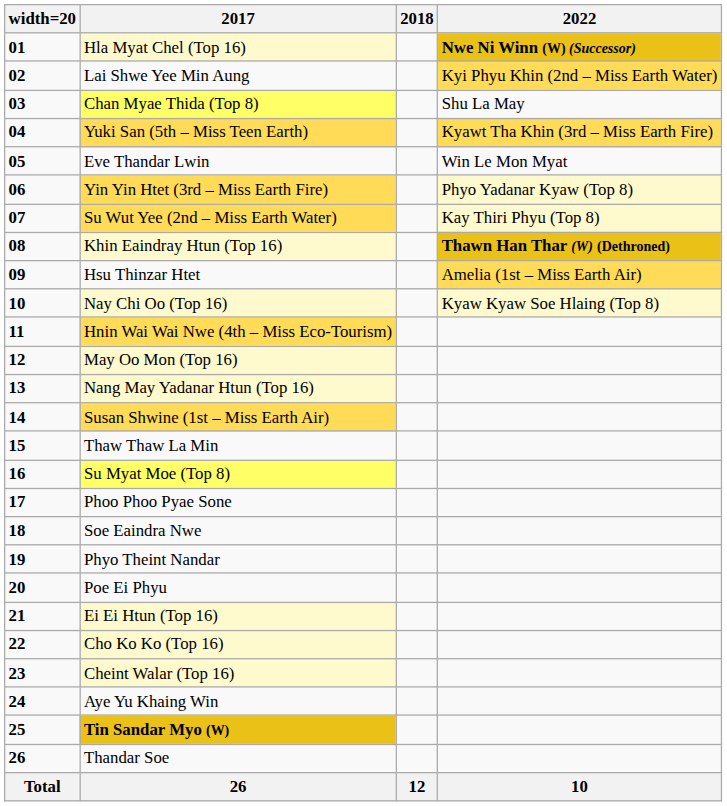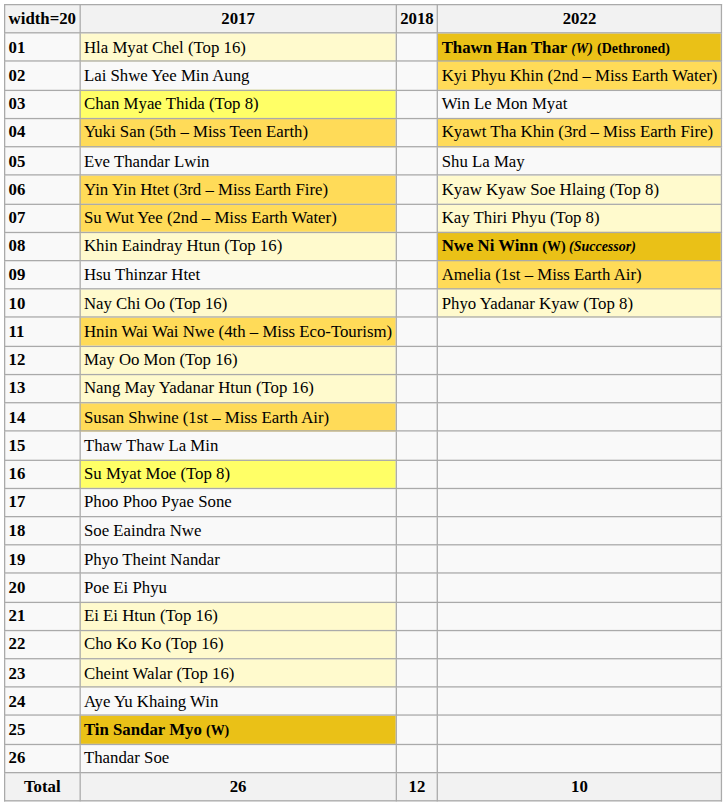 <table class="wikitable" style="font-size: 82%";>
 <tr>
 <th>width=20 </th>
 <th>2017</th>
 <th>2018</th>
 <th>2022</th>
 </tr>
 <tr>
 <td><strong>01</strong></td>
 <td bgcolor="#FFFACD">Hla Myat Chel (Top 16)</td>
 <td></td>
-<td bgcolor="#EAC117"><strong>Nwe Ni Winn <small>(W) <em>(Successor)</em></small></strong></td>
+<td bgcolor="#EAC117"><strong>Thawn Han Thar <small><em>(W)</em></small> <small>(Dethroned)</small></strong></td>
 </tr>
 <tr>
 <td><strong>02</strong></td>
 <td>Lai Shwe Yee Min Aung</td>
 <td></td>
 <td bgcolor=#FFDB58>Kyi Phyu Khin (2nd – Miss Earth Water)</td>
 </tr>
 <tr>
 <td><strong>03</strong></td>
 <td bgcolor=#FFFF66>Chan Myae Thida (Top 8)</td>
 <td></td>
-<td>Shu La May</td>
+<td>Win Le Mon Myat</td>
 </tr>
 <tr>
 <td><strong>04</strong></td>
 <td bgcolor=#FFDB58>Yuki San (5th – Miss Teen Earth)</td>
 <td></td>
 <td bgcolor=#FFDB58>Kyawt Tha Khin (3rd – Miss Earth Fire)</td>
 </tr>
 <tr>
 <td><strong>05</strong></td>
 <td>Eve Thandar Lwin</td>
 <td></td>
-<td>Win Le Mon Myat</td>
+<td>Shu La May</td>
 </tr>
 <tr>
 <td><strong>06</strong></td>
 <td bgcolor=#FFDB58>Yin Yin Htet (3rd – Miss Earth Fire)</td>
 <td></td>
-<td bgcolor="#FFFACD">Phyo Yadanar Kyaw (Top 8)</td>
+<td bgcolor="#FFFACD">Kyaw Kyaw Soe Hlaing (Top 8)</td>
 </tr>
 <tr>
 <td><strong>07</strong></td>
 <td bgcolor=#FFDB58>Su Wut Yee (2nd – Miss Earth Water)</td>
 <td></td>
 <td bgcolor="#FFFACD">Kay Thiri Phyu (Top 8)</td>
 </tr>
 <tr>
 <td><strong>08</strong></td>
 <td bgcolor="#FFFACD">Khin Eaindray Htun (Top 16)</td>
 <td></td>
-<td bgcolor="#EAC117"><strong>Thawn Han Thar <small><em>(W)</em></small> <small>(Dethroned)</small></strong></td>
+<td bgcolor="#EAC117"><strong>Nwe Ni Winn <small>(W) <em>(Successor)</em></small></strong></td>
 </tr>
 <tr>
 <td><strong>09</strong></td>
 <td>Hsu Thinzar Htet</td>
 <td></td>
 <td bgcolor=#FFDB58>Amelia (1st – Miss Earth Air)</td>
 </tr>
 <tr>
 <td><strong>10</strong></td>
 <td bgcolor="#FFFACD">Nay Chi Oo (Top 16)</td>
 <td></td>
-<td bgcolor="#FFFACD">Kyaw Kyaw Soe Hlaing (Top 8)</td>
+<td bgcolor="#FFFACD">Phyo Yadanar Kyaw (Top 8)</td>
 </tr>
 <tr>
 <td><strong>11</strong></td>
 <td bgcolor=#FFDB58>Hnin Wai Wai Nwe (4th – Miss Eco-Tourism)</td>
 <td></td>
 <td></td>
 </tr>
 <tr>
 <td><strong>12</strong></td>
 <td bgcolor="#FFFACD">May Oo Mon (Top 16)</td>
 <td></td>
 <td></td>
 </tr>
 <tr>
 <td><strong>13</strong></td>
 <td bgcolor="#FFFACD">Nang May Yadanar Htun (Top 16)</td>
 <td></td>
 <td></td>
 </tr>
 <tr>
 <td><strong>14</strong></td>
 <td bgcolor=#FFDB58>Susan Shwine (1st – Miss Earth Air)</td>
 <td></td>
 <td></td>
 </tr>
 <tr>
 <td><strong>15</strong></td>
 <td>Thaw Thaw La Min</td>
 <td></td>
 <td></td>
 </tr>
 <tr>
 <td><strong>16</strong></td>
 <td bgcolor=#FFFF66>Su Myat Moe (Top 8)</td>
 <td></td>
 <td></td>
 </tr>
 <tr>
 <td><strong>17</strong></td>
 <td>Phoo Phoo Pyae Sone</td>
 <td></td>
 <td></td>
 </tr>
 <tr>
 <td><strong>18</strong></td>
 <td>Soe Eaindra Nwe</td>
 <td></td>
 <td></td>
 </tr>
 <tr>
 <td><strong>19</strong></td>
 <td>Phyo Theint Nandar</td>
 <td></td>
 <td></td>
 </tr>
 <tr>
 <td><strong>20</strong></td>
 <td>Poe Ei Phyu</td>
 <td></td>
 <td></td>
 </tr>
 <tr>
 <td><strong>21</strong></td>
 <td bgcolor="#FFFACD">Ei Ei Htun (Top 16)</td>
 <td></td>
 <td></td>
 </tr>
 <tr>
 <td><strong>22</strong></td>
 <td bgcolor="#FFFACD">Cho Ko Ko (Top 16)</td>
 <td></td>
 <td></td>
 </tr>
 <tr>
 <td><strong>23</strong></td>
 <td bgcolor="#FFFACD">Cheint Walar (Top 16)</td>
 <td></td>
 <td></td>
 </tr>
 <tr>
 <td><strong>24</strong></td>
 <td>Aye Yu Khaing Win</td>
 <td></td>
 <td></td>
 </tr>
 <tr>
 <td><strong>25</strong></td>
 <td bgcolor="#EAC117"><strong>Tin Sandar Myo <small>(W)</small></strong></td>
 <td></td>
 <td></td>
 </tr>
 <tr>
 <td><strong>26</strong></td>
 <td>Thandar Soe</td>
 <td></td>
 <td></td>
 </tr>
 <tr>
 <th>Total</th>
 <th>26</th>
 <th>12</th>
 <th>10</th>
 </tr>
 </table>
